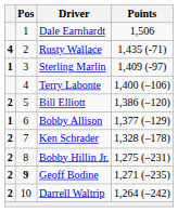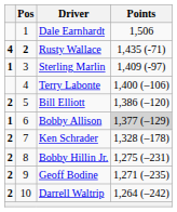 <table class="wikitable" style="font-size: 95%;">
 <tr>
 <th></th>
 <th>Pos</th>
 <th>Driver</th>
 <th>Points</th>
 </tr>
 <tr>
 <td align="left"></td>
 <td style="text-align:center;">1</td>
 <td><a href='#'>Dale Earnhardt</a></td>
 <td style="text-align:center;">1,506</td>
 </tr>
 <tr>
 <td align="left">  <strong>4</strong></td>
-<td style="text-align:center;">2</td>
+<td style="text-align:center;"><strong>2</strong></td>
 <td><a href='#'>Rusty Wallace</a></td>
 <td style="text-align:center;">1,435 (-71)</td>
 </tr>
 <tr>
 <td align="left">  <strong>1</strong></td>
 <td style="text-align:center;">3</td>
 <td><a href='#'>Sterling Marlin</a></td>
 <td style="text-align:center;">1,409 (-97)</td>
 </tr>
 <tr>
 <td align="left"></td>
 <td style="text-align:center;">4</td>
 <td><a href='#'>Terry Labonte</a></td>
 <td style="text-align:center;">1,400 (–106)</td>
 </tr>
 <tr>
 <td align="left">  <strong>2</strong></td>
 <td style="text-align:center;">5</td>
 <td><a href='#'>Bill Elliott</a></td>
 <td style="text-align:center;">1,386 (–120)</td>
 </tr>
 <tr>
 <td align="left">  <strong>1</strong></td>
 <td style="text-align:center;">6</td>
 <td><a href='#'>Bobby Allison</a></td>
-<td style="text-align:center;">1,377 (–129)</td>
+<td style="background: lightgrey; text-align:center;">1,377 (–129)</td>
 </tr>
 <tr>
 <td align="left">  <strong>2</strong></td>
 <td style="text-align:center;">7</td>
 <td><a href='#'>Ken Schrader</a></td>
 <td style="text-align:center;">1,328 (–178)</td>
 </tr>
 <tr>
 <td align="left">  <strong>2</strong></td>
 <td style="text-align:center;">8</td>
 <td><a href='#'>Bobby Hillin Jr.</a></td>
 <td style="text-align:center;">1,275 (–231)</td>
 </tr>
 <tr>
 <td align="left">  <strong>2</strong></td>
-<td style="text-align:center;"><strong>9</strong></td>
+<td style="text-align:center;">9</td>
 <td><a href='#'>Geoff Bodine</a></td>
 <td style="text-align:center;">1,271 (–235)</td>
 </tr>
 <tr>
 <td align="left">  <strong>2</strong></td>
 <td style="text-align:center;">10</td>
 <td><a href='#'>Darrell Waltrip</a></td>
 <td style="text-align:center;">1,264 (–242)</td>
 </tr>
 <tr class="sortbottom">
 <th colspan="9"></th>
 </tr>
 </table>
